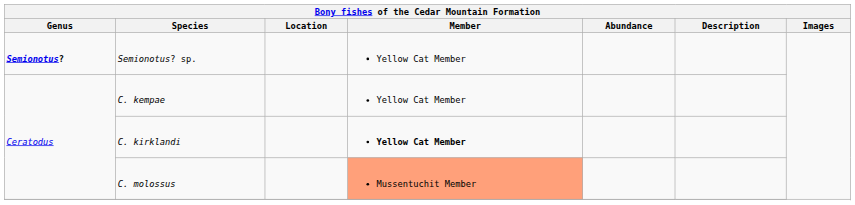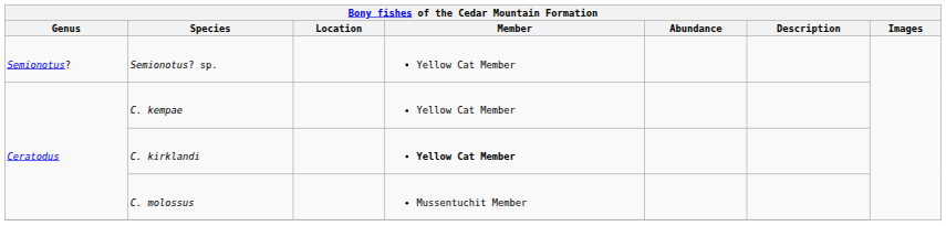 <table class="wikitable" align="center" width="100%">
 <tr>
 <th colspan="7" align="center"><strong><a href='#'>Bony fishes</a> of the Cedar Mountain Formation</strong></th>
 </tr>
 <tr>
 <th>Genus</th>
 <th>Species</th>
 <th>Location</th>
 <th>Member</th>
 <th>Abundance</th>
 <th>Description</th>
 <th>Images</th>
 </tr>
 <tr>
-<td><strong><br><em><a href='#'>Semionotus</a></em>?</strong></td>
+<td><br><em><a href='#'>Semionotus</a></em>?</td>
 <td><br><em>Semionotus</em>? sp.</td>
 <td></td>
 <td><br><ul><li>Yellow Cat Member</li></ul></td>
 <td></td>
 <td></td>
 <td rowspan="99"><br> </td>
 </tr>
 <tr>
 <td rowspan="3"><br><em><a href='#'>Ceratodus</a></em></td>
 <td><br><em>C. kempae</em></td>
 <td></td>
 <td><br><ul><li>Yellow Cat Member</li></ul></td>
 <td></td>
 <td></td>
 </tr>
 <tr>
 <td><br><em>C. kirklandi</em></td>
 <td></td>
 <td><strong><br><ul><li>Yellow Cat Member</li></ul></strong></td>
 <td></td>
 <td></td>
 </tr>
 <tr>
 <td><br><em>C. molossus</em></td>
 <td></td>
-<td style="background: lightsalmon;"><br><ul><li>Mussentuchit Member</li></ul></td>
+<td><br><ul><li>Mussentuchit Member</li></ul></td>
 <td></td>
 <td></td>
 </tr>
 <tr>
 </tr>
 </table>
